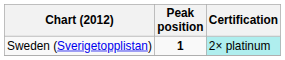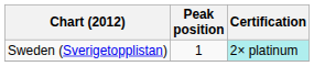 <table class="wikitable">
 <tr>
 <th>Chart (2012)</th>
 <th>Peak<br>position</th>
 <th>Certification</th>
 </tr>
 <tr>
 <td>Sweden (<a href='#'>Sverigetopplistan</a>)</td>
-<td style="text-align:center;"><strong>1</strong></td>
+<td style="text-align:center;">1</td>
 <td style="background: paleturquoise;">2× platinum</td>
 </tr>
 <tr>
 </tr>
 </table>
